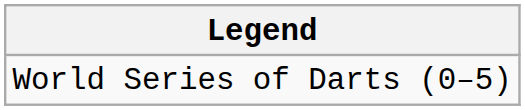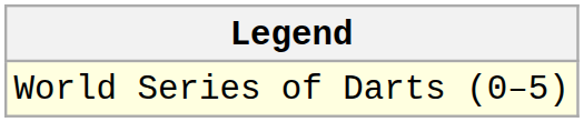 <table class="wikitable">
 <tr>
 <th>Legend</th>
 </tr>
 <tr>
-<td>World Series of Darts (0–5)</td>
+<td style="background: lightyellow;">World Series of Darts (0–5)</td>
 </tr>
 </table>
